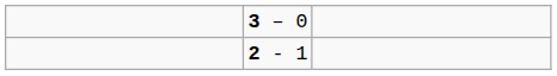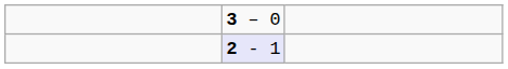 <table class="wikitable">
 <tr>
 <td width=150></td>
 <td><strong>3</strong> – 0</td>
 <td width=150></td>
 </tr>
 <tr>
 <td></td>
-<td><strong>2</strong> - 1</td>
+<td style="background: lavender;"><strong>2</strong> - 1</td>
 <td></td>
 </tr>
 </table>
